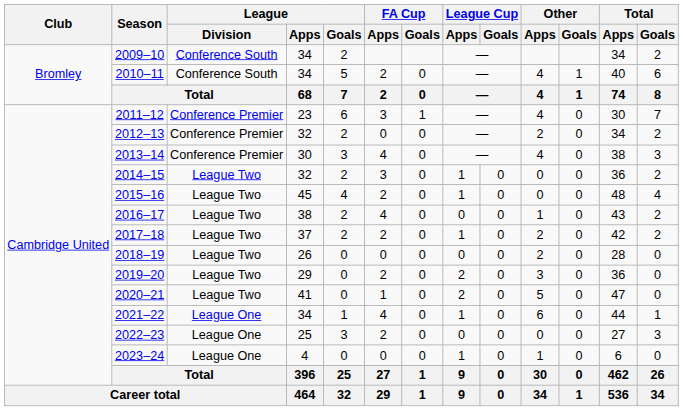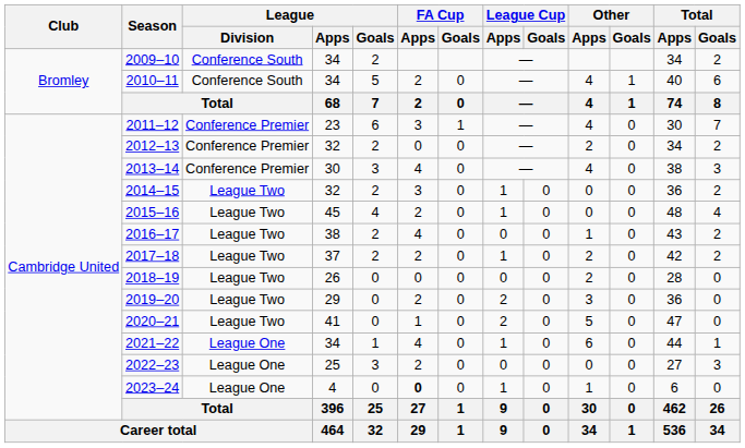 <table class=wikitable style=text-align:center>
 <tr>
 <th rowspan=2>Club</th>
 <th rowspan=2>Season</th>
 <th colspan=3>League</th>
 <th colspan=2><a href='#'>FA Cup</a></th>
 <th colspan=2><a href='#'>League Cup</a></th>
 <th colspan=2>Other</th>
 <th colspan=2>Total</th>
 </tr>
 <tr>
 <th>Division</th>
 <th>Apps</th>
 <th>Goals</th>
 <th>Apps</th>
 <th>Goals</th>
 <th>Apps</th>
 <th>Goals</th>
 <th>Apps</th>
 <th>Goals</th>
 <th>Apps</th>
 <th>Goals</th>
 </tr>
 <tr>
 <td rowspan=3><a href='#'>Bromley</a></td>
 <td><a href='#'>2009–10</a></td>
 <td><a href='#'>Conference South</a></td>
 <td>34</td>
 <td>2</td>
 <td></td>
 <td></td>
 <td colspan=2>—</td>
 <td></td>
 <td></td>
 <td>34</td>
 <td>2</td>
 </tr>
 <tr>
 <td><a href='#'>2010–11</a></td>
 <td>Conference South</td>
 <td>34</td>
 <td>5</td>
 <td>2</td>
 <td>0</td>
 <td colspan=2>—</td>
 <td>4</td>
 <td>1</td>
 <td>40</td>
 <td>6</td>
 </tr>
 <tr>
 <th colspan=2>Total</th>
 <th>68</th>
 <th>7</th>
 <th>2</th>
 <th>0</th>
 <th colspan=2>—</th>
 <th>4</th>
 <th>1</th>
 <th>74</th>
 <th>8</th>
 </tr>
 <tr>
 <td rowspan="14"><a href='#'>Cambridge United</a></td>
 <td><a href='#'>2011–12</a></td>
 <td><a href='#'>Conference Premier</a></td>
 <td>23</td>
 <td>6</td>
 <td>3</td>
 <td>1</td>
 <td colspan=2>—</td>
 <td>4</td>
 <td>0</td>
 <td>30</td>
 <td>7</td>
 </tr>
 <tr>
 <td><a href='#'>2012–13</a></td>
 <td>Conference Premier</td>
 <td>32</td>
 <td>2</td>
 <td>0</td>
 <td>0</td>
 <td colspan=2>—</td>
 <td>2</td>
 <td>0</td>
 <td>34</td>
 <td>2</td>
 </tr>
 <tr>
 <td><a href='#'>2013–14</a></td>
 <td>Conference Premier</td>
 <td>30</td>
 <td>3</td>
 <td>4</td>
 <td>0</td>
 <td colspan=2>—</td>
 <td>4</td>
 <td>0</td>
 <td>38</td>
 <td>3</td>
 </tr>
 <tr>
 <td><a href='#'>2014–15</a></td>
 <td><a href='#'>League Two</a></td>
 <td>32</td>
 <td>2</td>
 <td>3</td>
 <td>0</td>
 <td>1</td>
 <td>0</td>
 <td>0</td>
 <td>0</td>
 <td>36</td>
 <td>2</td>
 </tr>
 <tr>
 <td><a href='#'>2015–16</a></td>
 <td>League Two</td>
 <td>45</td>
 <td>4</td>
 <td>2</td>
 <td>0</td>
 <td>1</td>
 <td>0</td>
 <td>0</td>
 <td>0</td>
 <td>48</td>
 <td>4</td>
 </tr>
 <tr>
 <td><a href='#'>2016–17</a></td>
 <td>League Two</td>
 <td>38</td>
 <td>2</td>
 <td>4</td>
 <td>0</td>
 <td>0</td>
 <td>0</td>
 <td>1</td>
 <td>0</td>
 <td>43</td>
 <td>2</td>
 </tr>
 <tr>
 <td><a href='#'>2017–18</a></td>
 <td>League Two</td>
 <td>37</td>
 <td>2</td>
 <td>2</td>
 <td>0</td>
 <td>1</td>
 <td>0</td>
 <td>2</td>
 <td>0</td>
 <td>42</td>
 <td>2</td>
 </tr>
 <tr>
 <td><a href='#'>2018–19</a></td>
 <td>League Two</td>
 <td>26</td>
 <td>0</td>
 <td>0</td>
 <td>0</td>
 <td>0</td>
 <td>0</td>
 <td>2</td>
 <td>0</td>
 <td>28</td>
 <td>0</td>
 </tr>
 <tr>
 <td><a href='#'>2019–20</a></td>
 <td>League Two</td>
 <td>29</td>
 <td>0</td>
 <td>2</td>
 <td>0</td>
 <td>2</td>
 <td>0</td>
 <td>3</td>
 <td>0</td>
 <td>36</td>
 <td>0</td>
 </tr>
 <tr>
 <td><a href='#'>2020–21</a></td>
 <td>League Two</td>
 <td>41</td>
 <td>0</td>
 <td>1</td>
 <td>0</td>
 <td>2</td>
 <td>0</td>
 <td>5</td>
 <td>0</td>
 <td>47</td>
 <td>0</td>
 </tr>
 <tr>
 <td><a href='#'>2021–22</a></td>
 <td><a href='#'>League One</a></td>
 <td>34</td>
 <td>1</td>
 <td>4</td>
 <td>0</td>
 <td>1</td>
 <td>0</td>
 <td>6</td>
 <td>0</td>
 <td>44</td>
 <td>1</td>
 </tr>
 <tr>
 <td><a href='#'>2022–23</a></td>
 <td>League One</td>
 <td>25</td>
 <td>3</td>
 <td>2</td>
 <td>0</td>
 <td>0</td>
 <td>0</td>
 <td>0</td>
 <td>0</td>
 <td>27</td>
 <td>3</td>
 </tr>
 <tr>
 <td><a href='#'>2023–24</a></td>
 <td>League One</td>
 <td>4</td>
 <td>0</td>
-<td>0</td>
+<td><strong>0</strong></td>
 <td>0</td>
 <td>1</td>
 <td>0</td>
 <td>1</td>
 <td>0</td>
 <td>6</td>
 <td>0</td>
 </tr>
 <tr>
 <th colspan="2">Total</th>
 <th>396</th>
 <th>25</th>
 <th>27</th>
 <th>1</th>
 <th>9</th>
 <th>0</th>
 <th>30</th>
 <th>0</th>
 <th>462</th>
 <th>26</th>
 </tr>
 <tr>
 <th colspan="3">Career total</th>
 <th>464</th>
 <th>32</th>
 <th>29</th>
 <th>1</th>
 <th>9</th>
 <th>0</th>
 <th>34</th>
 <th>1</th>
 <th>536</th>
 <th>34</th>
 </tr>
 </table>
